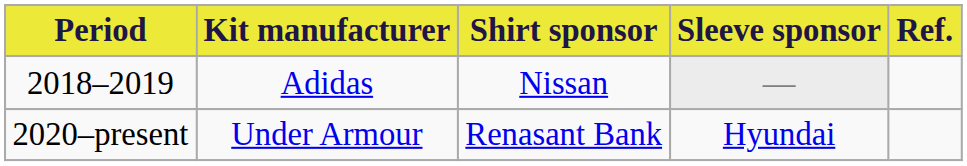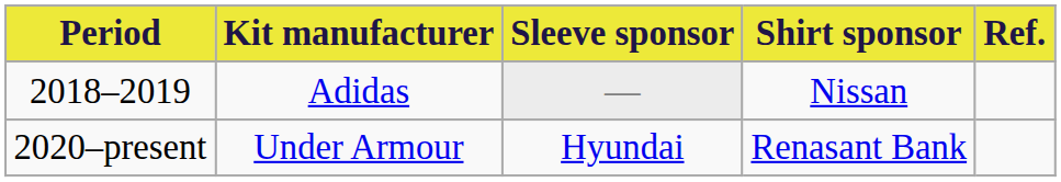 <table class="wikitable" style="text-align:center;margin-left:;">
 <tr>
 <th style="background-color:#EDE939; color:#201547;">Period</th>
 <th style="background-color:#EDE939; color:#201547;">Kit manufacturer</th>
+<th style="background-color:#EDE939; color:#201547;">Sleeve sponsor</th>
 <th style="background-color:#EDE939; color:#201547;">Shirt sponsor</th>
-<th style="background-color:#EDE939; color:#201547;">Sleeve sponsor</th>
 <th style="background-color:#EDE939; color:#201547;">Ref.</th>
 </tr>
 <tr>
 <td>2018–2019</td>
 <td><a href='#'>Adidas</a></td>
+<td align="center" style="background:#ececec; color:gray">—</td>
 <td><a href='#'>Nissan</a></td>
-<td align="center" style="background:#ececec; color:gray">—</td>
 <td></td>
 </tr>
 <tr>
 <td>2020–present</td>
 <td><a href='#'>Under Armour</a></td>
+<td><a href='#'>Hyundai</a></td>
 <td><a href='#'>Renasant Bank</a></td>
-<td><a href='#'>Hyundai</a></td>
 <td></td>
 </tr>
 </table>
